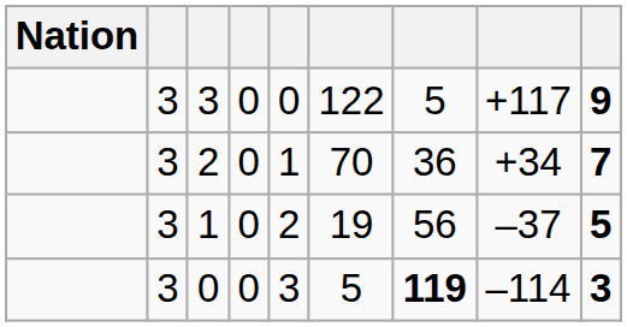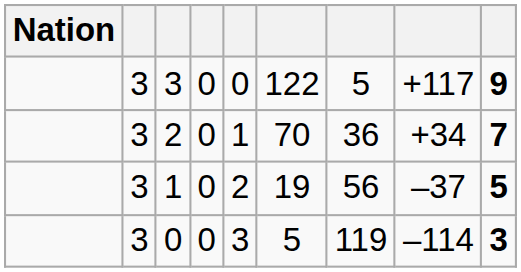 <table class="wikitable" style="text-align: center;">
 <tr>
 <th>Nation</th>
 <th></th>
 <th></th>
 <th></th>
 <th></th>
 <th></th>
 <th></th>
 <th></th>
 <th></th>
 </tr>
 <tr>
 <td align="left"></td>
 <td>3</td>
 <td>3</td>
 <td>0</td>
 <td>0</td>
 <td>122</td>
 <td>5</td>
 <td>+117</td>
 <td><strong>9</strong></td>
 </tr>
 <tr>
 <td align="left"></td>
 <td>3</td>
 <td>2</td>
 <td>0</td>
 <td>1</td>
 <td>70</td>
 <td>36</td>
 <td>+34</td>
 <td><strong>7</strong></td>
 </tr>
 <tr>
 <td align="left"></td>
 <td>3</td>
 <td>1</td>
 <td>0</td>
 <td>2</td>
 <td>19</td>
 <td>56</td>
 <td>–37</td>
 <td><strong>5</strong></td>
 </tr>
 <tr>
 <td align="left"></td>
 <td>3</td>
 <td>0</td>
 <td>0</td>
 <td>3</td>
 <td>5</td>
-<td><strong>119</strong></td>
+<td>119</td>
 <td>–114</td>
 <td><strong>3</strong></td>
 </tr>
 </table>
